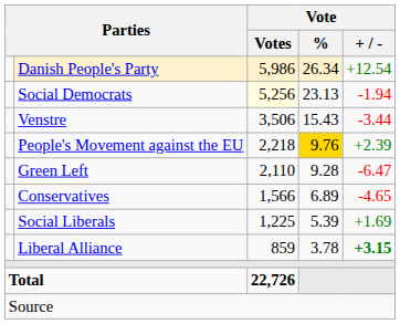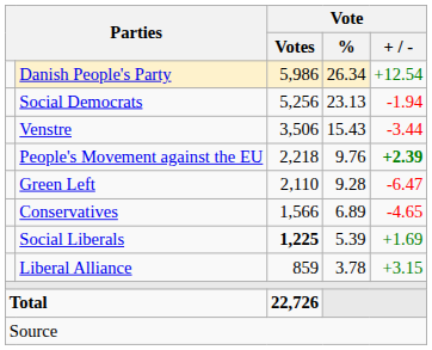 <table class="wikitable" style="text-align:right;">
 <tr>
 <th style="text-align:centre;" rowspan="2" colspan="2" width="225">Parties</th>
 <th colspan="3">Vote</th>
 </tr>
 <tr>
 <th width="15">Votes</th>
 <th width="15">%</th>
 <th width="15">+ / -</th>
 </tr>
 <tr>
 <td width="2" style="color:inherit;background:"></td>
 <td bgcolor=#fef2cc   align="left"><a href='#'>Danish People's Party</a></td>
 <td bgcolor=#fef2cc>5,986</td>
 <td bgcolor=#fef2cc>26.34</td>
 <td style=color:green;>+12.54</td>
 </tr>
 <tr>
 <td width="2" style="color:inherit;background:"></td>
 <td align="left"><a href='#'>Social Democrats</a></td>
-<td style="background: lightyellow;">5,256</td>
+<td>5,256</td>
 <td>23.13</td>
 <td style=color:red;>-1.94</td>
 </tr>
 <tr>
 <td width="2" style="color:inherit;background:"></td>
 <td align="left"><a href='#'>Venstre</a></td>
 <td>3,506</td>
 <td>15.43</td>
 <td style=color:red;>-3.44</td>
 </tr>
 <tr>
 <td width="2" style="color:inherit;background:"></td>
 <td align="left"><a href='#'>People's Movement against the EU</a></td>
 <td>2,218</td>
-<td style="background: gold;">9.76</td>
-<td style=color:green;>+2.39</td>
+<td>9.76</td>
+<td style=color:green;><strong>+2.39</strong></td>
 </tr>
 <tr>
 <td width="2" style="color:inherit;background:"></td>
 <td align="left"><a href='#'>Green Left</a></td>
 <td>2,110</td>
 <td>9.28</td>
 <td style=color:red;>-6.47</td>
 </tr>
 <tr>
 <td width="2" style="color:inherit;background:"></td>
 <td align="left"><a href='#'>Conservatives</a></td>
 <td>1,566</td>
 <td>6.89</td>
 <td style=color:red;>-4.65</td>
 </tr>
 <tr>
 <td width="2" style="color:inherit;background:"></td>
 <td align="left"><a href='#'>Social Liberals</a></td>
-<td>1,225</td>
+<td><strong>1,225</strong></td>
 <td>5.39</td>
 <td style=color:green;>+1.69</td>
 </tr>
 <tr>
 <td width="2" style="color:inherit;background:"></td>
 <td align="left"><a href='#'>Liberal Alliance</a></td>
 <td>859</td>
 <td>3.78</td>
-<td style=color:green;><strong>+3.15</strong></td>
+<td style=color:green;>+3.15</td>
 </tr>
 <tr>
 <td colspan="7" bgcolor="#E9E9E9"></td>
 </tr>
 <tr>
 <td align="left" colspan="2"><strong>Total</strong></td>
 <td><strong>22,726</strong></td>
 <td bgcolor="#E9E9E9" colspan="2"></td>
 </tr>
 <tr>
 <td align="left" colspan="6">Source</td>
 </tr>
 </table>
